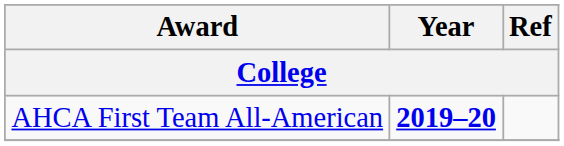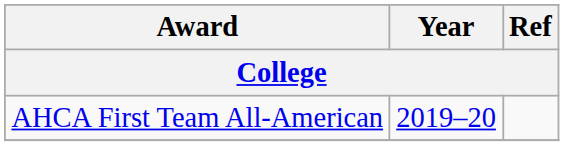 <table class="wikitable">
 <tr>
 <th>Award</th>
 <th>Year</th>
 <th>Ref</th>
 </tr>
 <tr>
 <th colspan="3"><a href='#'>College</a></th>
 </tr>
 <tr>
 <td><a href='#'>AHCA First Team All-American</a></td>
-<td><strong><a href='#'>2019–20</a></strong></td>
+<td><a href='#'>2019–20</a></td>
 <td></td>
 </tr>
 <tr>
 </tr>
 </table>
